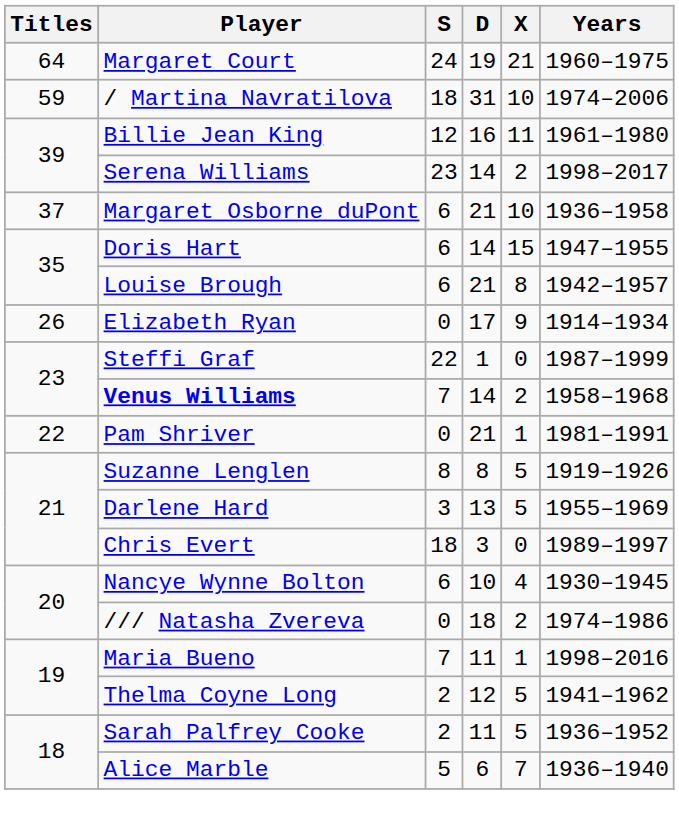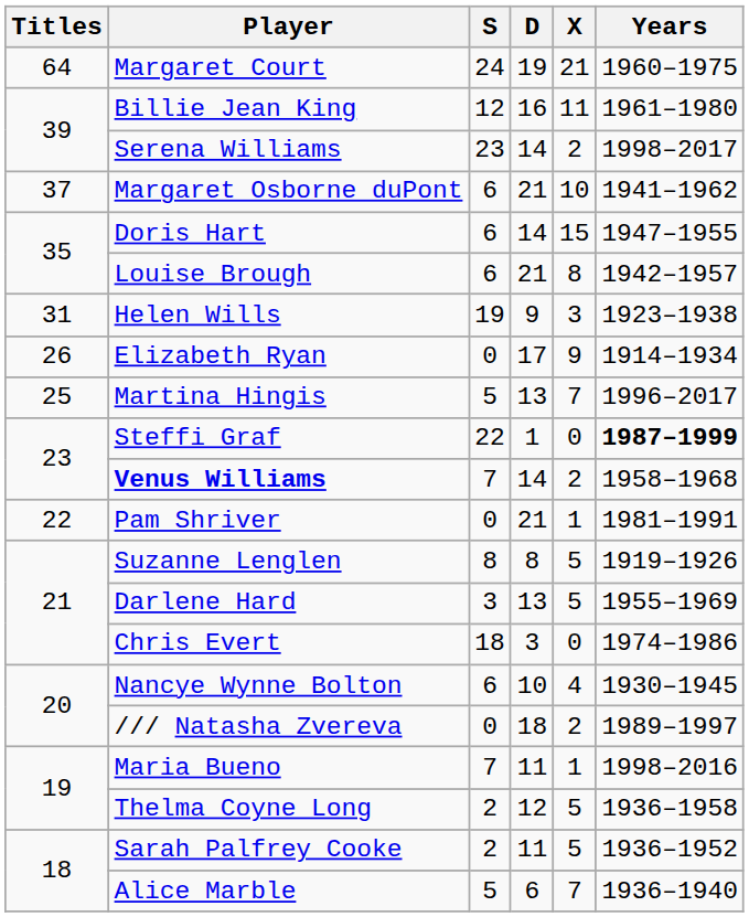 <table class="wikitable sortable sort-under-center mw-datatable" style="text-align:center; display:inline-table">
 <tr>
 <th scope="col">Titles</th>
 <th scope="col">Player</th>
 <th scope="col">S</th>
 <th scope="col">D</th>
 <th scope="col">X</th>
 <th scope="col">Years</th>
 </tr>
 <tr>
 <td>64</td>
 <td style="text-align: left;"> <a href='#'>Margaret Court</a></td>
 <td>24</td>
 <td>19</td>
 <td>21</td>
 <td>1960–1975</td>
-</tr>
-<tr>
-<td>59</td>
-<td style="text-align: left;">/ <a href='#'>Martina Navratilova</a></td>
-<td>18</td>
-<td>31</td>
-<td>10</td>
-<td>1974–2006</td>
 </tr>
 <tr>
 <td rowspan="2" style="text-align:center;">39</td>
 <td style="text-align: left;"> <a href='#'>Billie Jean King</a></td>
 <td>12</td>
 <td>16</td>
 <td>11</td>
 <td>1961–1980</td>
 </tr>
 <tr>
 <td style="text-align: left;"> <a href='#'>Serena Williams</a></td>
 <td>23</td>
 <td>14</td>
 <td>2</td>
 <td>1998–2017</td>
 </tr>
 <tr>
 <td>37</td>
 <td style="text-align: left;"> <a href='#'>Margaret Osborne duPont</a></td>
 <td>6</td>
 <td>21</td>
 <td>10</td>
-<td>1936–1958</td>
+<td>1941–1962</td>
 </tr>
 <tr>
 <td rowspan="2" style="text-align:center;">35</td>
 <td style="text-align: left;"> <a href='#'>Doris Hart</a></td>
 <td>6</td>
 <td>14</td>
 <td>15</td>
 <td>1947–1955</td>
 </tr>
 <tr>
 <td style="text-align: left;"> <a href='#'>Louise Brough</a></td>
 <td>6</td>
 <td>21</td>
 <td>8</td>
 <td>1942–1957</td>
 </tr>
 <tr>
+<td>31</td>
+<td style="text-align: left;"> <a href='#'>Helen Wills</a></td>
+<td>19</td>
+<td>9</td>
+<td>3</td>
+<td>1923–1938</td>
+</tr>
+<tr>
 <td>26</td>
 <td style="text-align: left;"> <a href='#'>Elizabeth Ryan</a></td>
 <td>0</td>
 <td>17</td>
 <td>9</td>
 <td>1914–1934</td>
 </tr>
 <tr>
+<td>25</td>
+<td style="text-align: left;"> <a href='#'>Martina Hingis</a></td>
+<td>5</td>
+<td>13</td>
+<td>7</td>
+<td>1996–2017</td>
+</tr>
+<tr>
 <td rowspan="2" style="text-align:center;">23</td>
 <td style="text-align: left;"> <a href='#'>Steffi Graf</a></td>
 <td>22</td>
 <td>1</td>
 <td>0</td>
-<td>1987–1999</td>
+<td><strong>1987–1999</strong></td>
 </tr>
 <tr>
 <td style="text-align: left;"> <strong><a href='#'>Venus Williams</a></strong></td>
 <td>7</td>
 <td>14</td>
 <td>2</td>
 <td>1958–1968</td>
 </tr>
 <tr>
 <td rowspan="1" style="text-align:center;">22</td>
 <td style="text-align: left;"> <a href='#'>Pam Shriver</a></td>
 <td>0</td>
 <td>21</td>
 <td>1</td>
 <td>1981–1991</td>
 </tr>
 <tr>
 <td rowspan="3" style="text-align:center;">21</td>
 <td style="text-align: left;"> <a href='#'>Suzanne Lenglen</a></td>
 <td>8</td>
 <td>8</td>
 <td>5</td>
 <td>1919–1926</td>
 </tr>
 <tr>
 <td style="text-align: left;"> <a href='#'>Darlene Hard</a></td>
 <td>3</td>
 <td>13</td>
 <td>5</td>
 <td>1955–1969</td>
 </tr>
 <tr>
 <td style="text-align: left;"> <a href='#'>Chris Evert</a></td>
 <td>18</td>
 <td>3</td>
 <td>0</td>
-<td>1989–1997</td>
+<td>1974–1986</td>
 </tr>
 <tr>
 <td rowspan="2" style="text-align:center;">20</td>
 <td style="text-align: left;"> <a href='#'>Nancye Wynne Bolton</a></td>
 <td>6</td>
 <td>10</td>
 <td>4</td>
 <td>1930–1945</td>
 </tr>
 <tr>
 <td style="text-align: left;">/// <a href='#'>Natasha Zvereva</a></td>
 <td>0</td>
 <td>18</td>
 <td>2</td>
-<td>1974–1986</td>
+<td>1989–1997</td>
 </tr>
 <tr>
 <td rowspan="2" style="text-align:center;">19</td>
 <td style="text-align: left;"> <a href='#'>Maria Bueno</a></td>
 <td>7</td>
 <td>11</td>
 <td>1</td>
 <td>1998–2016</td>
 </tr>
 <tr>
 <td style="text-align: left;"> <a href='#'>Thelma Coyne Long</a></td>
 <td>2</td>
 <td>12</td>
 <td>5</td>
-<td>1941–1962</td>
+<td>1936–1958</td>
 </tr>
 <tr>
 <td rowspan="2" style="text-align:center;">18</td>
 <td style="text-align: left;"> <a href='#'>Sarah Palfrey Cooke</a></td>
 <td>2</td>
 <td>11</td>
 <td>5</td>
 <td>1936–1952</td>
 </tr>
 <tr>
 <td style="text-align: left;"> <a href='#'>Alice Marble</a></td>
 <td>5</td>
 <td>6</td>
 <td>7</td>
 <td>1936–1940</td>
 </tr>
 </table>
